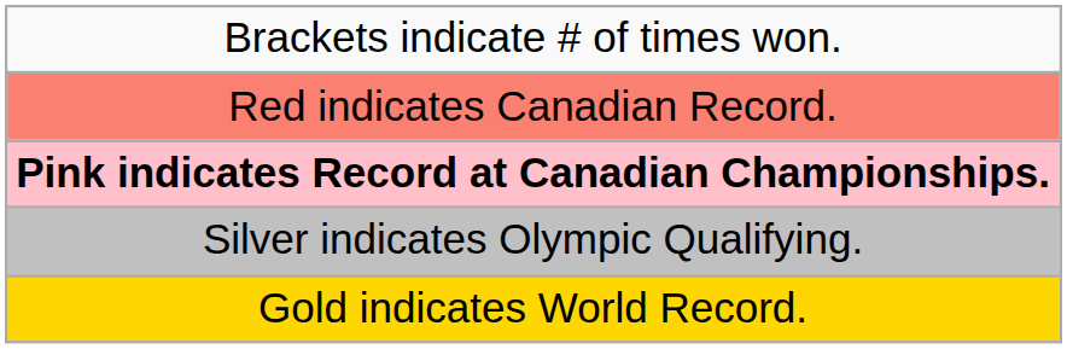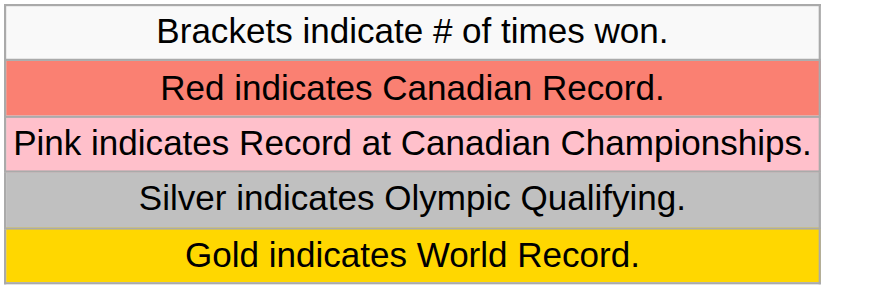 <table class="wikitable" style="text-align:center">
 <tr>
 <td>Brackets indicate # of times won.</td>
 </tr>
 <tr>
 <td bgcolor=Salmon>Red indicates Canadian Record.</td>
 </tr>
 <tr>
-<td bgcolor=Pink><strong>Pink indicates Record at Canadian Championships.</strong></td>
+<td bgcolor=Pink>Pink indicates Record at Canadian Championships.</td>
 </tr>
 <tr>
 <td bgcolor=Silver>Silver indicates Olympic Qualifying.</td>
 </tr>
 <tr>
 <td bgcolor=Gold>Gold indicates World Record.</td>
 </tr>
 </table>
